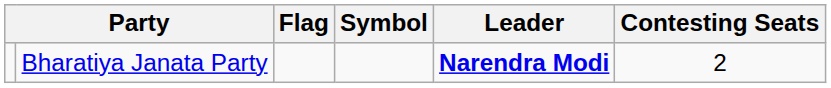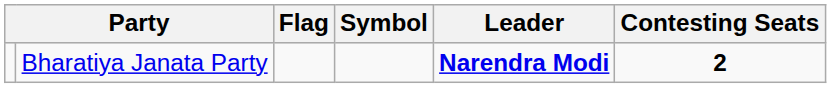 <table class="wikitable" style="text-align:center">
 <tr>
 <th colspan="2">Party</th>
 <th>Flag</th>
 <th>Symbol</th>
 <th>Leader</th>
 <th>Contesting Seats</th>
 </tr>
 <tr>
 <td></td>
 <td><a href='#'>Bharatiya Janata Party</a></td>
 <td></td>
 <td></td>
 <td><strong><a href='#'>Narendra Modi</a></strong></td>
-<td>2</td>
+<td><strong>2</strong></td>
 </tr>
 </table>
